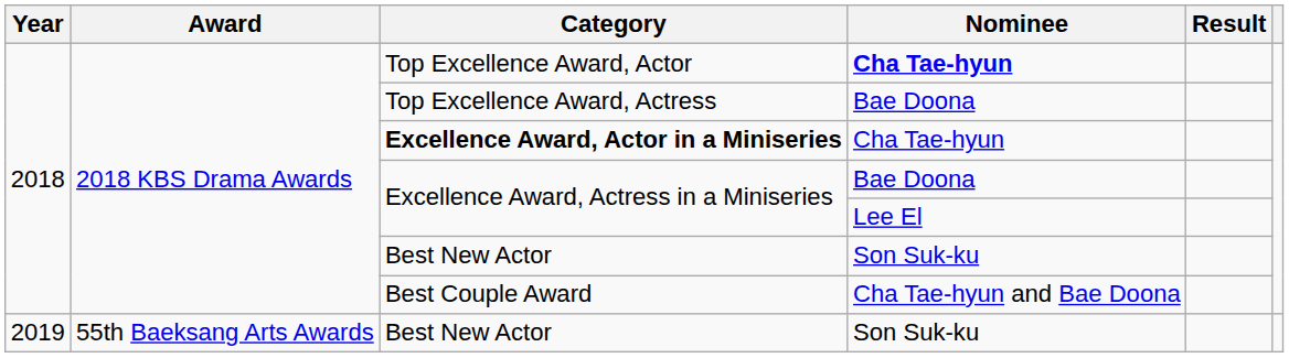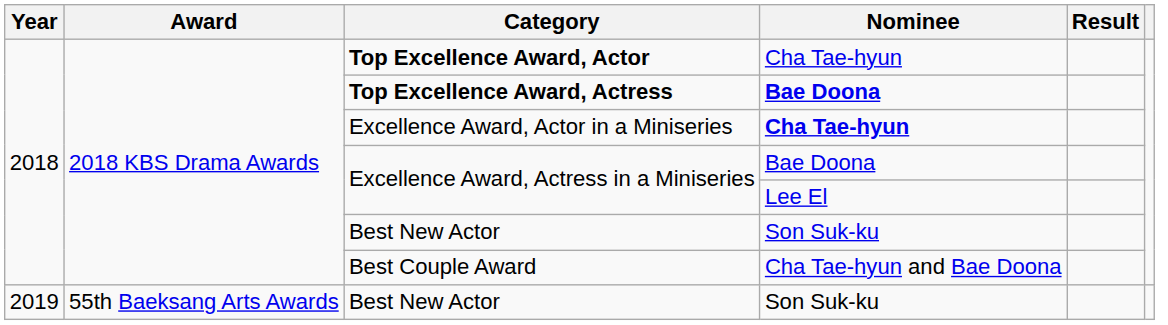 <table class="wikitable">
 <tr>
 <th>Year</th>
 <th>Award</th>
 <th>Category</th>
 <th>Nominee</th>
 <th>Result</th>
 <th></th>
 </tr>
 <tr>
 <td rowspan="7">2018</td>
 <td rowspan="7"><a href='#'>2018 KBS Drama Awards</a></td>
-<td>Top Excellence Award, Actor</td>
-<td><strong><a href='#'>Cha Tae-hyun</a></strong></td>
+<td><strong>Top Excellence Award, Actor</strong></td>
+<td><a href='#'>Cha Tae-hyun</a></td>
 <td></td>
 <td rowspan="7"></td>
 </tr>
 <tr>
-<td>Top Excellence Award, Actress</td>
-<td><a href='#'>Bae Doona</a></td>
+<td><strong>Top Excellence Award, Actress</strong></td>
+<td><strong><a href='#'>Bae Doona</a></strong></td>
 <td></td>
 </tr>
 <tr>
-<td><strong>Excellence Award, Actor in a Miniseries</strong></td>
-<td><a href='#'>Cha Tae-hyun</a></td>
+<td>Excellence Award, Actor in a Miniseries</td>
+<td><strong><a href='#'>Cha Tae-hyun</a></strong></td>
 <td></td>
 </tr>
 <tr>
 <td rowspan="2">Excellence Award, Actress in a Miniseries</td>
 <td><a href='#'>Bae Doona</a></td>
 <td></td>
 </tr>
 <tr>
 <td><a href='#'>Lee El</a></td>
 <td></td>
 </tr>
 <tr>
 <td>Best New Actor</td>
 <td><a href='#'>Son Suk-ku</a></td>
 <td></td>
 </tr>
 <tr>
 <td>Best Couple Award</td>
 <td><a href='#'>Cha Tae-hyun</a> and <a href='#'>Bae Doona</a></td>
 <td></td>
 </tr>
 <tr>
 <td>2019</td>
 <td>55th <a href='#'>Baeksang Arts Awards</a></td>
 <td>Best New Actor</td>
 <td>Son Suk-ku</td>
 <td></td>
 <td></td>
 </tr>
 </table>
